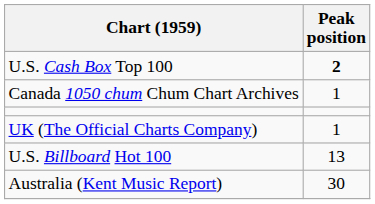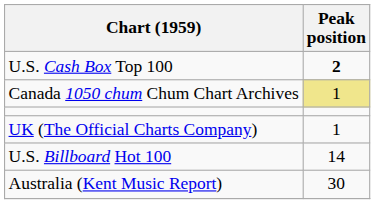 <table class="wikitable sortable">
 <tr>
 <th align="left">Chart (1959)</th>
 <th align="left">Peak<br>position</th>
 </tr>
 <tr>
 <td>U.S. <em><a href='#'>Cash Box</a></em> Top 100</td>
 <td style="text-align:center;"><strong>2</strong></td>
 </tr>
 <tr>
 <td>Canada <em><a href='#'>1050 chum</a></em> Chum Chart Archives</td>
-<td style="text-align:center;">1</td>
+<td style="background: khaki; text-align:center;">1</td>
 </tr>
 <tr>
 <td></td>
 </tr>
 <tr>
 <td><a href='#'>UK</a> (<a href='#'>The Official Charts Company</a>)</td>
 <td style="text-align:center;">1</td>
 </tr>
 <tr>
 <td>U.S. <em><a href='#'>Billboard</a></em> <a href='#'>Hot 100</a></td>
-<td style="text-align:center;">13</td>
+<td style="text-align:center;">14</td>
 </tr>
 <tr>
 <td>Australia (<a href='#'>Kent Music Report</a>)</td>
 <td style="text-align:center;">30</td>
 </tr>
 <tr>
 </tr>
 </table>
